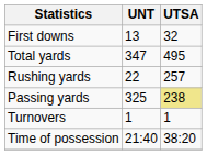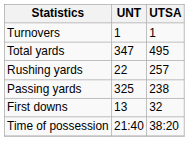 <table class="wikitable">
 <tr>
 <th>Statistics</th>
 <th>UNT</th>
 <th>UTSA</th>
 </tr>
 <tr>
-<td>First downs</td>
-<td>13</td>
-<td>32</td>
+<td>Turnovers</td>
+<td>1</td>
+<td>1</td>
 </tr>
 <tr>
 <td>Total yards</td>
 <td>347</td>
 <td>495</td>
 </tr>
 <tr>
 <td>Rushing yards</td>
 <td>22</td>
 <td>257</td>
 </tr>
 <tr>
 <td>Passing yards</td>
 <td>325</td>
-<td style="background: khaki;">238</td>
+<td>238</td>
 </tr>
 <tr>
-<td>Turnovers</td>
-<td>1</td>
-<td>1</td>
+<td>First downs</td>
+<td>13</td>
+<td>32</td>
 </tr>
 <tr>
 <td>Time of possession</td>
 <td>21:40</td>
 <td>38:20</td>
 </tr>
 <tr>
 </tr>
 </table>
